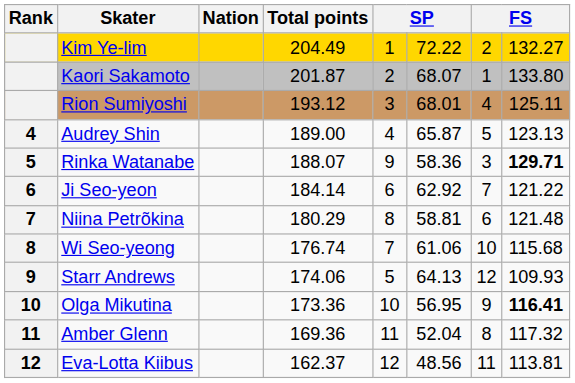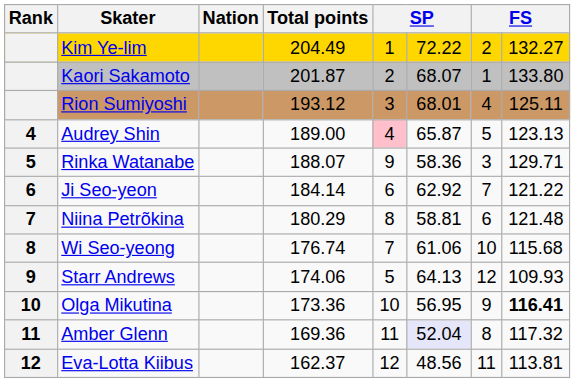 <table class="wikitable sortable" style="text-align:left">
 <tr>
 <th scope="col">Rank</th>
 <th scope="col">Skater</th>
 <th scope="col">Nation</th>
 <th scope="col">Total points</th>
 <th scope="col" colspan="2" width="80px"><a href='#'>SP</a></th>
 <th scope="col" colspan="2" width="80px"><a href='#'>FS</a></th>
 </tr>
 <tr bgcolor="gold">
 <th scope="row"></th>
 <td><a href='#'>Kim Ye-lim</a></td>
 <td></td>
 <td align="center">204.49</td>
 <td align="center">1</td>
 <td align="center">72.22</td>
 <td align="center">2</td>
 <td align="center">132.27</td>
 </tr>
 <tr bgcolor="silver">
 <th scope="row"></th>
 <td><a href='#'>Kaori Sakamoto</a></td>
 <td></td>
 <td align="center">201.87</td>
 <td align="center">2</td>
 <td align="center">68.07</td>
 <td align="center">1</td>
 <td align="center">133.80</td>
 </tr>
 <tr bgcolor="cc9966">
 <th scope="row"></th>
 <td><a href='#'>Rion Sumiyoshi</a></td>
 <td></td>
 <td align="center">193.12</td>
 <td align="center">3</td>
 <td align="center">68.01</td>
 <td align="center">4</td>
 <td align="center">125.11</td>
 </tr>
 <tr>
 <th scope="row">4</th>
 <td><a href='#'>Audrey Shin</a></td>
 <td></td>
 <td align="center">189.00</td>
-<td align="center">4</td>
+<td align="center" style="background: pink;">4</td>
 <td align="center">65.87</td>
 <td align="center">5</td>
 <td align="center">123.13</td>
 </tr>
 <tr>
 <th scope="row">5</th>
 <td><a href='#'>Rinka Watanabe</a></td>
 <td></td>
 <td align="center">188.07</td>
 <td align="center">9</td>
 <td align="center">58.36</td>
 <td align="center">3</td>
-<td align="center"><strong>129.71</strong></td>
+<td align="center">129.71</td>
 </tr>
 <tr>
 <th scope="row">6</th>
 <td><a href='#'>Ji Seo-yeon</a></td>
 <td></td>
 <td align="center">184.14</td>
 <td align="center">6</td>
 <td align="center">62.92</td>
 <td align="center">7</td>
 <td align="center">121.22</td>
 </tr>
 <tr>
 <th scope="row">7</th>
 <td><a href='#'>Niina Petrõkina</a></td>
 <td></td>
 <td align="center">180.29</td>
 <td align="center">8</td>
 <td align="center">58.81</td>
 <td align="center">6</td>
 <td align="center">121.48</td>
 </tr>
 <tr>
 <th scope="row">8</th>
 <td><a href='#'>Wi Seo-yeong</a></td>
 <td></td>
 <td align="center">176.74</td>
 <td align="center">7</td>
 <td align="center">61.06</td>
 <td align="center">10</td>
 <td align="center">115.68</td>
 </tr>
 <tr>
 <th scope="row">9</th>
 <td><a href='#'>Starr Andrews</a></td>
 <td></td>
 <td align="center">174.06</td>
 <td align="center">5</td>
 <td align="center">64.13</td>
 <td align="center">12</td>
 <td align="center">109.93</td>
 </tr>
 <tr>
 <th scope="row">10</th>
 <td><a href='#'>Olga Mikutina</a></td>
 <td></td>
 <td align="center">173.36</td>
 <td align="center">10</td>
 <td align="center">56.95</td>
 <td align="center">9</td>
 <td align="center"><strong>116.41</strong></td>
 </tr>
 <tr>
 <th scope="row">11</th>
 <td><a href='#'>Amber Glenn</a></td>
 <td></td>
 <td align="center">169.36</td>
 <td align="center">11</td>
-<td align="center">52.04</td>
+<td align="center" style="background: lavender;">52.04</td>
 <td align="center">8</td>
 <td align="center">117.32</td>
 </tr>
 <tr>
 <th scope="row">12</th>
 <td><a href='#'>Eva-Lotta Kiibus</a></td>
 <td></td>
 <td align="center">162.37</td>
 <td align="center">12</td>
 <td align="center">48.56</td>
 <td align="center">11</td>
 <td align="center">113.81</td>
 </tr>
 </table>
